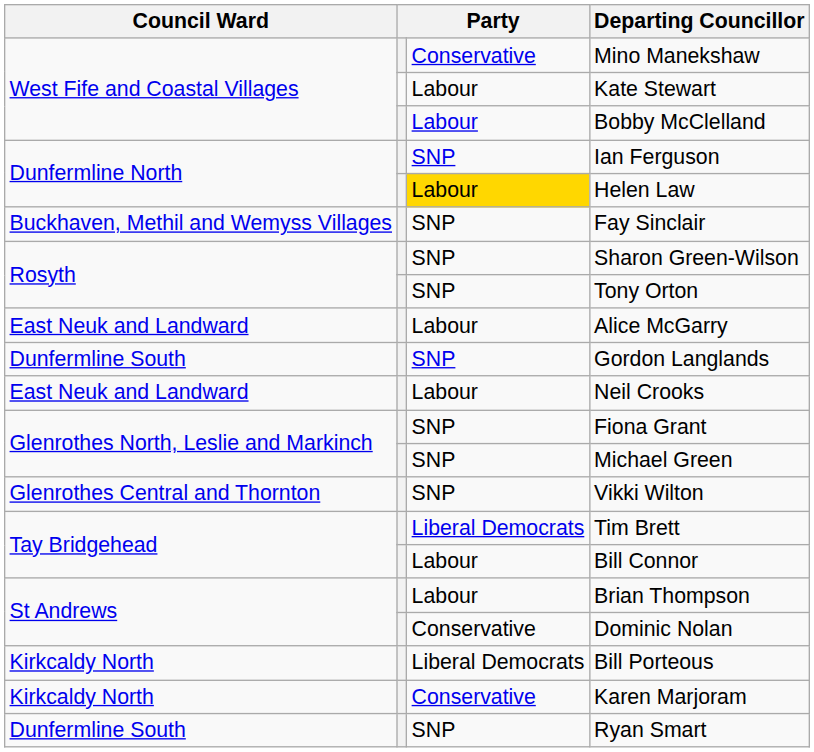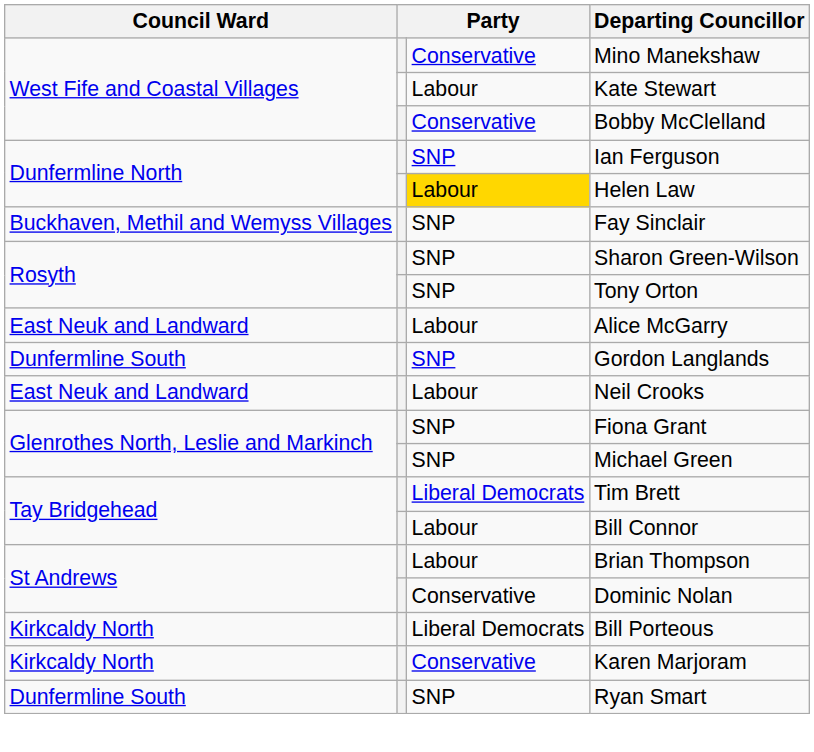 <table class="wikitable sortable">
 <tr>
 <th scope="col">Council Ward</th>
 <th scope="col" colspan="2">Party</th>
 <th scope="col">Departing Councillor</th>
 </tr>
 <tr>
 <td scope="row" rowspan="3"><a href='#'>West Fife and Coastal Villages</a></td>
 <th style="background-color: "></th>
 <td><a href='#'>Conservative</a></td>
 <td>Mino Manekshaw</td>
 </tr>
 <tr>
 <td style="background-color: "></td>
 <td>Labour</td>
 <td>Kate Stewart</td>
 </tr>
 <tr>
 <th style="background-color: "></th>
-<td><a href='#'>Labour</a></td>
+<td><a href='#'>Conservative</a></td>
 <td>Bobby McClelland</td>
 </tr>
 <tr>
 <td scope="row" rowspan="2"><a href='#'>Dunfermline North</a></td>
 <th style="background-color: "></th>
 <td><a href='#'>SNP</a></td>
 <td>Ian Ferguson</td>
 </tr>
 <tr>
 <th style="background-color: "></th>
 <td style="background: gold;">Labour</td>
 <td>Helen Law</td>
 </tr>
 <tr>
 <td scope="row"><a href='#'>Buckhaven, Methil and Wemyss Villages</a></td>
 <th style="background-color: "></th>
 <td>SNP</td>
 <td>Fay Sinclair</td>
 </tr>
 <tr>
 <td scope="row" rowspan="2"><a href='#'>Rosyth</a></td>
 <th style="background-color: "></th>
 <td>SNP</td>
 <td>Sharon Green-Wilson</td>
 </tr>
 <tr>
 <th style="background-color: "></th>
 <td>SNP</td>
 <td>Tony Orton</td>
 </tr>
 <tr>
 <td scope="row"><a href='#'>East Neuk and Landward</a></td>
 <th style="background-color: "></th>
 <td>Labour</td>
 <td>Alice McGarry</td>
 </tr>
 <tr>
 <td scope="row"><a href='#'>Dunfermline South</a></td>
 <th style="background-color: "></th>
 <td><a href='#'>SNP</a></td>
 <td>Gordon Langlands</td>
 </tr>
 <tr>
 <td scope="row"><a href='#'>East Neuk and Landward</a></td>
 <th style="background-color: "></th>
 <td>Labour</td>
 <td>Neil Crooks</td>
 </tr>
 <tr>
 <td scope="row" rowspan="2"><a href='#'>Glenrothes North, Leslie and Markinch</a></td>
 <th style="background-color: "></th>
 <td>SNP</td>
 <td>Fiona Grant</td>
 </tr>
 <tr>
 <th style="background-color: "></th>
 <td>SNP</td>
 <td>Michael Green</td>
 </tr>
 <tr>
-<td scope="row"><a href='#'>Glenrothes Central and Thornton</a></td>
-<th style="background-color: "></th>
-<td>SNP</td>
-<td>Vikki Wilton</td>
-</tr>
-<tr>
 <td scope="row" rowspan="2"><a href='#'>Tay Bridgehead</a></td>
 <th style="background-color: "></th>
 <td><a href='#'>Liberal Democrats</a></td>
 <td>Tim Brett</td>
 </tr>
 <tr>
 <th style="background-color: "></th>
 <td>Labour</td>
 <td>Bill Connor</td>
 </tr>
 <tr>
 <td scope="row" rowspan="2"><a href='#'>St Andrews</a></td>
 <th style="background-color: "></th>
 <td>Labour</td>
 <td>Brian Thompson</td>
 </tr>
 <tr>
 <th style="background-color: "></th>
 <td>Conservative</td>
 <td>Dominic Nolan</td>
 </tr>
 <tr>
 <td scope="row"><a href='#'>Kirkcaldy North</a></td>
 <th style="background-color: "></th>
 <td>Liberal Democrats</td>
 <td>Bill Porteous</td>
 </tr>
 <tr>
 <td scope="row"><a href='#'>Kirkcaldy North</a></td>
 <th style="background-color: "></th>
 <td><a href='#'>Conservative</a></td>
 <td>Karen Marjoram</td>
 </tr>
 <tr>
 <td scope="row"><a href='#'>Dunfermline South</a></td>
 <th style="background-color: "></th>
 <td>SNP</td>
 <td>Ryan Smart</td>
 </tr>
 </table>
